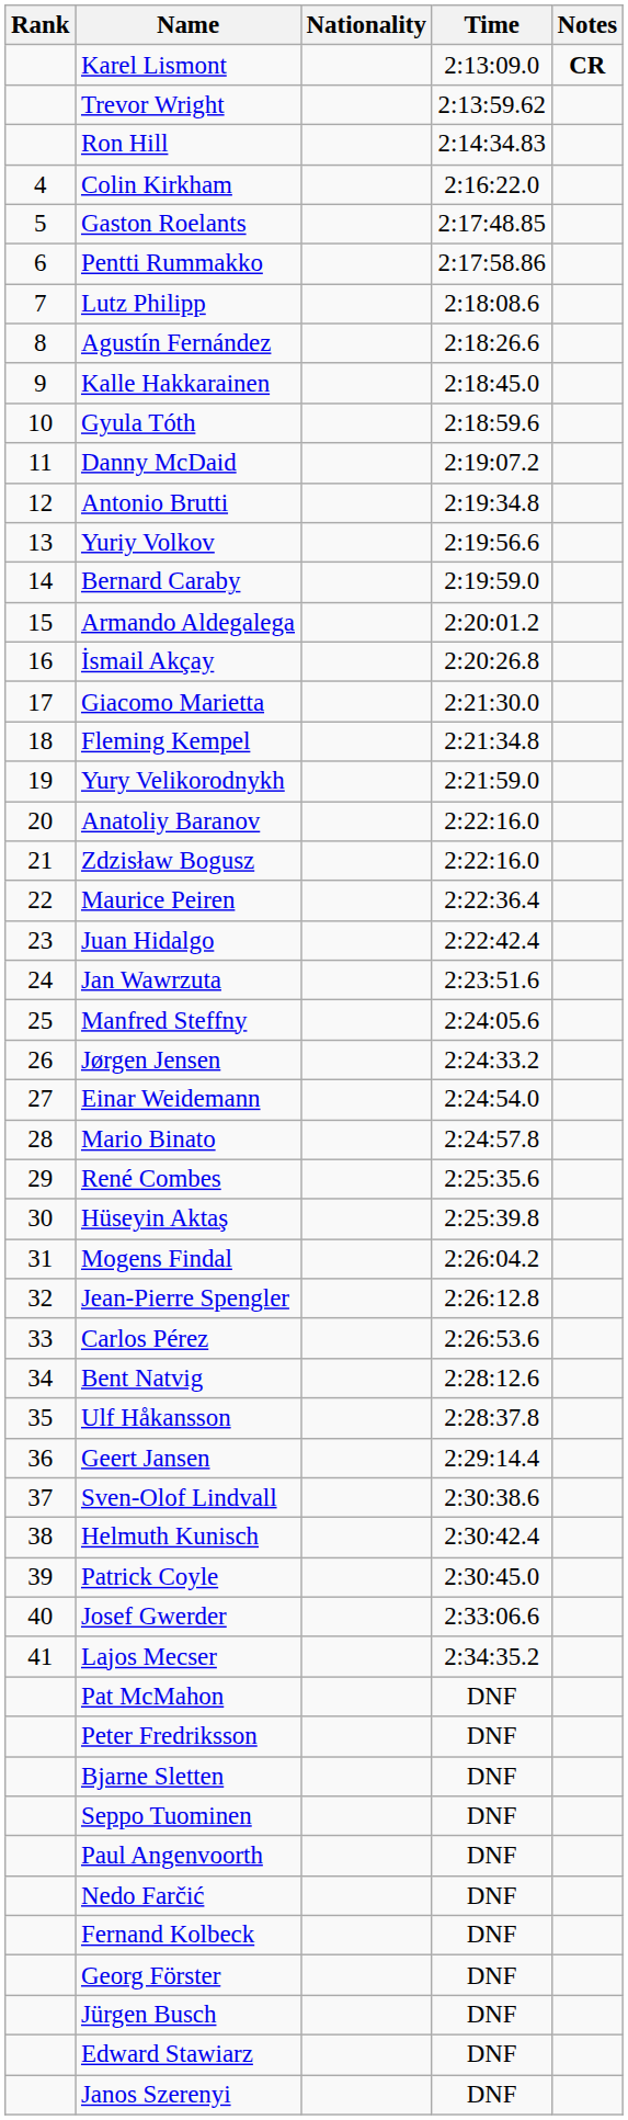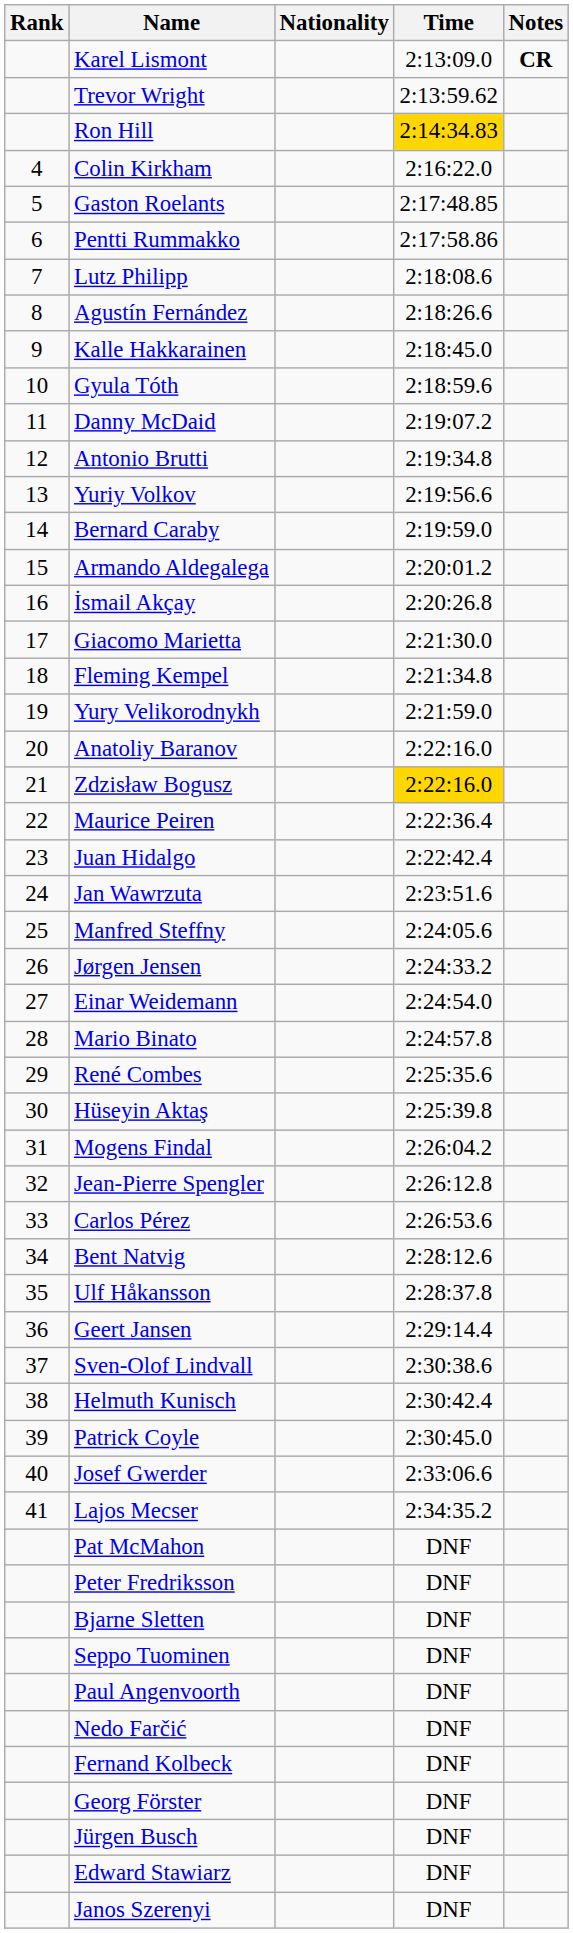 <table class="wikitable sortable" style="text-align:center">
 <tr>
 <th>Rank</th>
 <th>Name</th>
 <th>Nationality</th>
 <th>Time</th>
 <th>Notes</th>
 </tr>
 <tr>
 <td></td>
 <td align=left><a href='#'>Karel Lismont</a></td>
 <td align=left></td>
 <td>2:13:09.0</td>
 <td><strong>CR</strong></td>
 </tr>
 <tr>
 <td></td>
 <td align=left><a href='#'>Trevor Wright</a></td>
 <td align=left></td>
 <td>2:13:59.62</td>
 <td></td>
 </tr>
 <tr>
 <td></td>
 <td align=left><a href='#'>Ron Hill</a></td>
 <td align=left></td>
-<td>2:14:34.83</td>
+<td style="background: gold;">2:14:34.83</td>
 <td></td>
 </tr>
 <tr>
 <td>4</td>
 <td align=left><a href='#'>Colin Kirkham</a></td>
 <td align=left></td>
 <td>2:16:22.0</td>
 <td></td>
 </tr>
 <tr>
 <td>5</td>
 <td align=left><a href='#'>Gaston Roelants</a></td>
 <td align=left></td>
 <td>2:17:48.85</td>
 <td></td>
 </tr>
 <tr>
 <td>6</td>
 <td align=left><a href='#'>Pentti Rummakko</a></td>
 <td align=left></td>
 <td>2:17:58.86</td>
 <td></td>
 </tr>
 <tr>
 <td>7</td>
 <td align=left><a href='#'>Lutz Philipp</a></td>
 <td align=left></td>
 <td>2:18:08.6</td>
 <td></td>
 </tr>
 <tr>
 <td>8</td>
 <td align=left><a href='#'>Agustín Fernández</a></td>
 <td align=left></td>
 <td>2:18:26.6</td>
 <td></td>
 </tr>
 <tr>
 <td>9</td>
 <td align=left><a href='#'>Kalle Hakkarainen</a></td>
 <td align=left></td>
 <td>2:18:45.0</td>
 <td></td>
 </tr>
 <tr>
 <td>10</td>
 <td align=left><a href='#'>Gyula Tóth</a></td>
 <td align=left></td>
 <td>2:18:59.6</td>
 <td></td>
 </tr>
 <tr>
 <td>11</td>
 <td align=left><a href='#'>Danny McDaid</a></td>
 <td align=left></td>
 <td>2:19:07.2</td>
 <td></td>
 </tr>
 <tr>
 <td>12</td>
 <td align=left><a href='#'>Antonio Brutti</a></td>
 <td align=left></td>
 <td>2:19:34.8</td>
 <td></td>
 </tr>
 <tr>
 <td>13</td>
 <td align=left><a href='#'>Yuriy Volkov</a></td>
 <td align=left></td>
 <td>2:19:56.6</td>
 <td></td>
 </tr>
 <tr>
 <td>14</td>
 <td align=left><a href='#'>Bernard Caraby</a></td>
 <td align=left></td>
 <td>2:19:59.0</td>
 <td></td>
 </tr>
 <tr>
 <td>15</td>
 <td align=left><a href='#'>Armando Aldegalega</a></td>
 <td align=left></td>
 <td>2:20:01.2</td>
 <td></td>
 </tr>
 <tr>
 <td>16</td>
 <td align=left><a href='#'>İsmail Akçay</a></td>
 <td align=left></td>
 <td>2:20:26.8</td>
 <td></td>
 </tr>
 <tr>
 <td>17</td>
 <td align=left><a href='#'>Giacomo Marietta</a></td>
 <td align=left></td>
 <td>2:21:30.0</td>
 <td></td>
 </tr>
 <tr>
 <td>18</td>
 <td align=left><a href='#'>Fleming Kempel</a></td>
 <td align=left></td>
 <td>2:21:34.8</td>
 <td></td>
 </tr>
 <tr>
 <td>19</td>
 <td align=left><a href='#'>Yury Velikorodnykh</a></td>
 <td align=left></td>
 <td>2:21:59.0</td>
 <td></td>
 </tr>
 <tr>
 <td>20</td>
 <td align=left><a href='#'>Anatoliy Baranov</a></td>
 <td align=left></td>
 <td>2:22:16.0</td>
 <td></td>
 </tr>
 <tr>
 <td>21</td>
 <td align=left><a href='#'>Zdzisław Bogusz</a></td>
 <td align=left></td>
-<td>2:22:16.0</td>
+<td style="background: gold;">2:22:16.0</td>
 <td></td>
 </tr>
 <tr>
 <td>22</td>
 <td align=left><a href='#'>Maurice Peiren</a></td>
 <td align=left></td>
 <td>2:22:36.4</td>
 <td></td>
 </tr>
 <tr>
 <td>23</td>
 <td align=left><a href='#'>Juan Hidalgo</a></td>
 <td align=left></td>
 <td>2:22:42.4</td>
 <td></td>
 </tr>
 <tr>
 <td>24</td>
 <td align=left><a href='#'>Jan Wawrzuta</a></td>
 <td align=left></td>
 <td>2:23:51.6</td>
 <td></td>
 </tr>
 <tr>
 <td>25</td>
 <td align=left><a href='#'>Manfred Steffny</a></td>
 <td align=left></td>
 <td>2:24:05.6</td>
 <td></td>
 </tr>
 <tr>
 <td>26</td>
 <td align=left><a href='#'>Jørgen Jensen</a></td>
 <td align=left></td>
 <td>2:24:33.2</td>
 <td></td>
 </tr>
 <tr>
 <td>27</td>
 <td align=left><a href='#'>Einar Weidemann</a></td>
 <td align=left></td>
 <td>2:24:54.0</td>
 <td></td>
 </tr>
 <tr>
 <td>28</td>
 <td align=left><a href='#'>Mario Binato</a></td>
 <td align=left></td>
 <td>2:24:57.8</td>
 <td></td>
 </tr>
 <tr>
 <td>29</td>
 <td align=left><a href='#'>René Combes</a></td>
 <td align=left></td>
 <td>2:25:35.6</td>
 <td></td>
 </tr>
 <tr>
 <td>30</td>
 <td align=left><a href='#'>Hüseyin Aktaş</a></td>
 <td align=left></td>
 <td>2:25:39.8</td>
 <td></td>
 </tr>
 <tr>
 <td>31</td>
 <td align=left><a href='#'>Mogens Findal</a></td>
 <td align=left></td>
 <td>2:26:04.2</td>
 <td></td>
 </tr>
 <tr>
 <td>32</td>
 <td align=left><a href='#'>Jean-Pierre Spengler</a></td>
 <td align=left></td>
 <td>2:26:12.8</td>
 <td></td>
 </tr>
 <tr>
 <td>33</td>
 <td align=left><a href='#'>Carlos Pérez</a></td>
 <td align=left></td>
 <td>2:26:53.6</td>
 <td></td>
 </tr>
 <tr>
 <td>34</td>
 <td align=left><a href='#'>Bent Natvig</a></td>
 <td align=left></td>
 <td>2:28:12.6</td>
 <td></td>
 </tr>
 <tr>
 <td>35</td>
 <td align=left><a href='#'>Ulf Håkansson</a></td>
 <td align=left></td>
 <td>2:28:37.8</td>
 <td></td>
 </tr>
 <tr>
 <td>36</td>
 <td align=left><a href='#'>Geert Jansen</a></td>
 <td align=left></td>
 <td>2:29:14.4</td>
 <td></td>
 </tr>
 <tr>
 <td>37</td>
 <td align=left><a href='#'>Sven-Olof Lindvall</a></td>
 <td align=left></td>
 <td>2:30:38.6</td>
 <td></td>
 </tr>
 <tr>
 <td>38</td>
 <td align=left><a href='#'>Helmuth Kunisch</a></td>
 <td align=left></td>
 <td>2:30:42.4</td>
 <td></td>
 </tr>
 <tr>
 <td>39</td>
 <td align=left><a href='#'>Patrick Coyle</a></td>
 <td align=left></td>
 <td>2:30:45.0</td>
 <td></td>
 </tr>
 <tr>
 <td>40</td>
 <td align=left><a href='#'>Josef Gwerder</a></td>
 <td align=left></td>
 <td>2:33:06.6</td>
 <td></td>
 </tr>
 <tr>
 <td>41</td>
 <td align=left><a href='#'>Lajos Mecser</a></td>
 <td align=left></td>
 <td>2:34:35.2</td>
 <td></td>
 </tr>
 <tr>
 <td></td>
 <td align=left><a href='#'>Pat McMahon</a></td>
 <td align=left></td>
 <td>DNF</td>
 <td></td>
 </tr>
 <tr>
 <td></td>
 <td align=left><a href='#'>Peter Fredriksson</a></td>
 <td align=left></td>
 <td>DNF</td>
 <td></td>
 </tr>
 <tr>
 <td></td>
 <td align=left><a href='#'>Bjarne Sletten</a></td>
 <td align=left></td>
 <td>DNF</td>
 <td></td>
 </tr>
 <tr>
 <td></td>
 <td align=left><a href='#'>Seppo Tuominen</a></td>
 <td align=left></td>
 <td>DNF</td>
 <td></td>
 </tr>
 <tr>
 <td></td>
 <td align=left><a href='#'>Paul Angenvoorth</a></td>
 <td align=left></td>
 <td>DNF</td>
 <td></td>
 </tr>
 <tr>
 <td></td>
 <td align=left><a href='#'>Nedo Farčić</a></td>
 <td align=left></td>
 <td>DNF</td>
 <td></td>
 </tr>
 <tr>
 <td></td>
 <td align=left><a href='#'>Fernand Kolbeck</a></td>
 <td align=left></td>
 <td>DNF</td>
 <td></td>
 </tr>
 <tr>
 <td></td>
 <td align=left><a href='#'>Georg Förster</a></td>
 <td align=left></td>
 <td>DNF</td>
 <td></td>
 </tr>
 <tr>
 <td></td>
 <td align=left><a href='#'>Jürgen Busch</a></td>
 <td align=left></td>
 <td>DNF</td>
 <td></td>
 </tr>
 <tr>
 <td></td>
 <td align=left><a href='#'>Edward Stawiarz</a></td>
 <td align=left></td>
 <td>DNF</td>
 <td></td>
 </tr>
 <tr>
 <td></td>
 <td align=left><a href='#'>Janos Szerenyi</a></td>
 <td align=left></td>
 <td>DNF</td>
 <td></td>
 </tr>
 </table>
